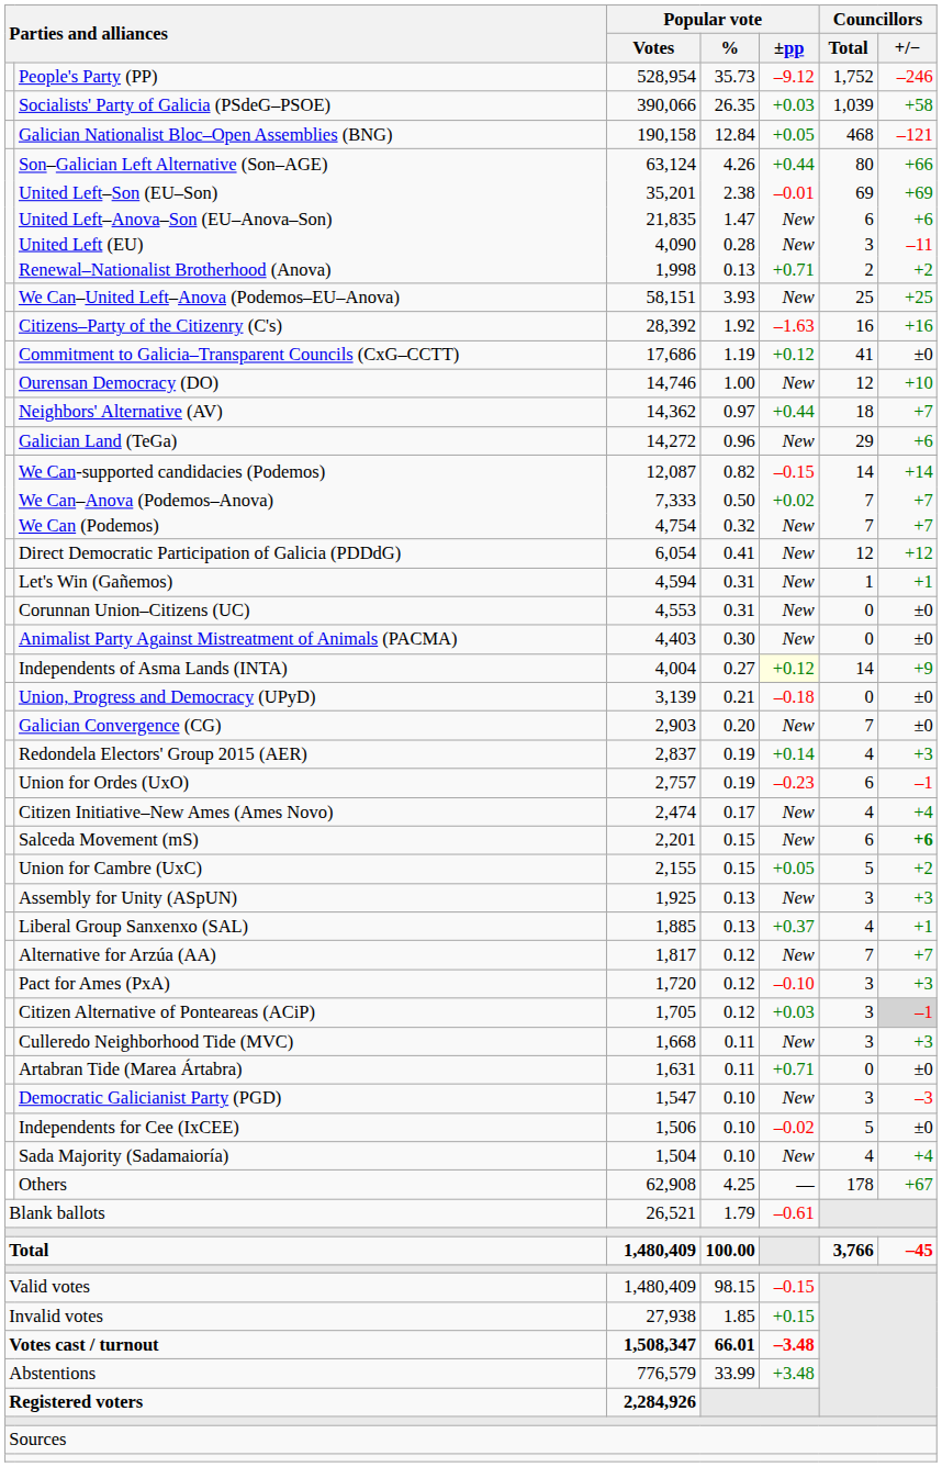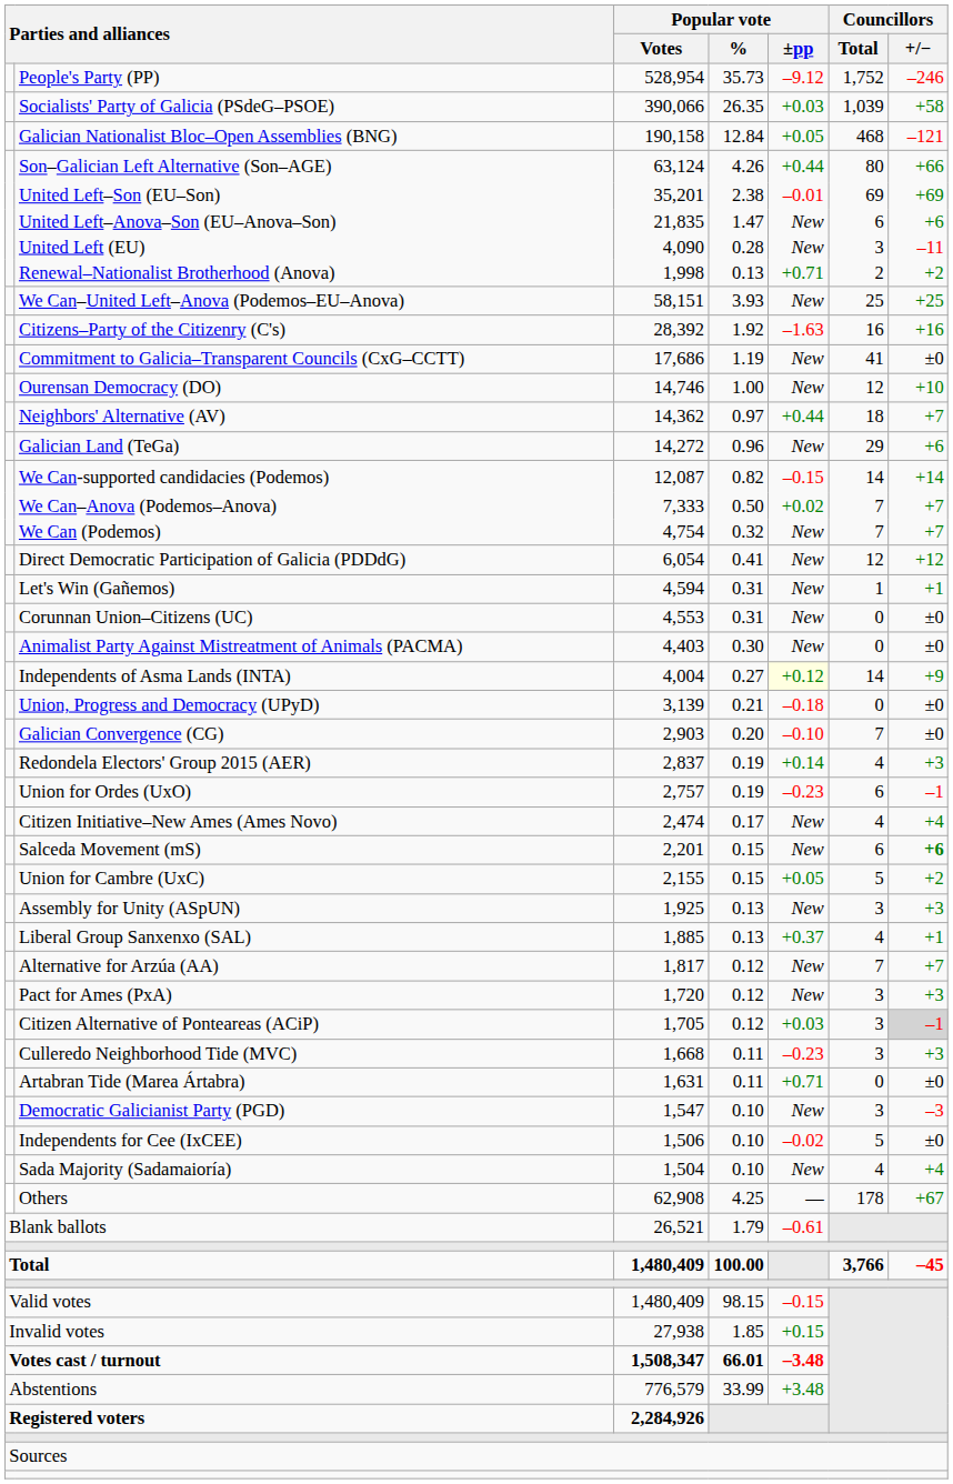 <table class="wikitable" style="text-align:right;">
 <tr>
 <th style="text-align:left;" rowspan="2" colspan="2" width="525">Parties and alliances</th>
 <th colspan="3">Popular vote</th>
 <th colspan="2">Councillors</th>
 </tr>
 <tr>
 <th width="75">Votes</th>
 <th width="45">%</th>
 <th width="45">±<a href='#'>pp</a></th>
 <th width="45">Total</th>
 <th width="45">+/−</th>
 </tr>
 <tr>
 <td width="1" style="color:inherit;background:"></td>
 <td align="left"><a href='#'>People's Party</a> (PP)</td>
 <td>528,954</td>
 <td>35.73</td>
 <td style="color:red;">–9.12</td>
 <td>1,752</td>
 <td style="color:red;">–246</td>
 </tr>
 <tr>
 <td style="color:inherit;background:"></td>
 <td align="left"><a href='#'>Socialists' Party of Galicia</a> (PSdeG–PSOE)</td>
 <td>390,066</td>
 <td>26.35</td>
 <td style="color:green;">+0.03</td>
 <td>1,039</td>
 <td style="color:green;">+58</td>
 </tr>
 <tr>
 <td style="color:inherit;background:"></td>
 <td align="left"><a href='#'>Galician Nationalist Bloc–Open Assemblies</a> (BNG)</td>
 <td>190,158</td>
 <td>12.84</td>
 <td style="color:green;">+0.05</td>
 <td>468</td>
 <td style="color:red;">–121</td>
 </tr>
 <tr style="line-height:22px;">
 <td rowspan="5" style="color:inherit;background:"></td>
 <td align="left"><a href='#'>Son</a>–<a href='#'>Galician Left Alternative</a> (Son–AGE)</td>
 <td>63,124</td>
 <td>4.26</td>
 <td style="color:green;">+0.44</td>
 <td>80</td>
 <td style="color:green;">+66</td>
 </tr>
 <tr style="border-bottom-style:hidden; border-top-style:hidden; line-height:16px;">
 <td align="left"><span><a href='#'>United Left</a>–<a href='#'>Son</a> (EU–Son)</span></td>
 <td>35,201</td>
 <td>2.38</td>
 <td style="color:red;">–0.01</td>
 <td>69</td>
 <td style="color:green;">+69</td>
 </tr>
 <tr style="border-bottom-style:hidden; line-height:16px;">
 <td align="left"><span><a href='#'>United Left</a>–<a href='#'>Anova</a>–<a href='#'>Son</a> (EU–Anova–Son)</span></td>
 <td>21,835</td>
 <td>1.47</td>
 <td><em>New</em></td>
 <td>6</td>
 <td style="color:green;">+6</td>
 </tr>
 <tr style="border-bottom-style:hidden; line-height:16px;">
 <td align="left"><span><a href='#'>United Left</a> (EU)</span></td>
 <td>4,090</td>
 <td>0.28</td>
 <td><em>New</em></td>
 <td>3</td>
 <td style="color:red;">–11</td>
 </tr>
 <tr style="line-height:16px;">
 <td align="left"><span><a href='#'>Renewal–Nationalist Brotherhood</a> (Anova)</span></td>
 <td>1,998</td>
 <td>0.13</td>
 <td style="color:green;">+0.71</td>
 <td>2</td>
 <td style="color:green;">+2</td>
 </tr>
 <tr>
 <td style="color:inherit;background:"></td>
 <td align="left"><a href='#'>We Can</a>–<a href='#'>United Left</a>–<a href='#'>Anova</a> (Podemos–EU–Anova)</td>
 <td>58,151</td>
 <td>3.93</td>
 <td><em>New</em></td>
 <td>25</td>
 <td style="color:green;">+25</td>
 </tr>
 <tr>
 <td style="color:inherit;background:"></td>
 <td align="left"><a href='#'>Citizens–Party of the Citizenry</a> (C's)</td>
 <td>28,392</td>
 <td>1.92</td>
 <td style="color:red;">–1.63</td>
 <td>16</td>
 <td style="color:green;">+16</td>
 </tr>
 <tr>
 <td style="color:inherit;background:"></td>
 <td align="left"><a href='#'>Commitment to Galicia–Transparent Councils</a> (CxG–CCTT)</td>
 <td>17,686</td>
 <td>1.19</td>
-<td style="color:green;">+0.12</td>
+<td><em>New</em></td>
 <td>41</td>
 <td>±0</td>
 </tr>
 <tr>
 <td style="color:inherit;background:"></td>
 <td align="left"><a href='#'>Ourensan Democracy</a> (DO)</td>
 <td>14,746</td>
 <td>1.00</td>
 <td><em>New</em></td>
 <td>12</td>
 <td style="color:green;">+10</td>
 </tr>
 <tr>
 <td style="color:inherit;background:"></td>
 <td align="left"><a href='#'>Neighbors' Alternative</a> (AV)</td>
 <td>14,362</td>
 <td>0.97</td>
 <td style="color:green;">+0.44</td>
 <td>18</td>
 <td style="color:green;">+7</td>
 </tr>
 <tr>
 <td style="color:inherit;background:"></td>
 <td align="left"><a href='#'>Galician Land</a> (TeGa)</td>
 <td>14,272</td>
 <td>0.96</td>
 <td><em>New</em></td>
 <td>29</td>
 <td style="color:green;">+6</td>
 </tr>
 <tr style="line-height:22px;">
 <td rowspan="3" style="color:inherit;background:"></td>
 <td align="left"><a href='#'>We Can</a>-supported candidacies (Podemos)</td>
 <td>12,087</td>
 <td>0.82</td>
 <td style="color:red;">–0.15</td>
 <td>14</td>
 <td style="color:green;">+14</td>
 </tr>
 <tr style="border-bottom-style:hidden; border-top-style:hidden; line-height:16px;">
 <td align="left"><span><a href='#'>We Can</a>–<a href='#'>Anova</a> (Podemos–Anova)</span></td>
 <td>7,333</td>
 <td>0.50</td>
 <td style="color:green;">+0.02</td>
 <td>7</td>
 <td style="color:green;">+7</td>
 </tr>
 <tr style="line-height:16px;">
 <td align="left"><span><a href='#'>We Can</a> (Podemos)</span></td>
 <td>4,754</td>
 <td>0.32</td>
 <td><em>New</em></td>
 <td>7</td>
 <td style="color:green;">+7</td>
 </tr>
 <tr>
 <td style="color:inherit;background:"></td>
 <td align="left">Direct Democratic Participation of Galicia (PDDdG)</td>
 <td>6,054</td>
 <td>0.41</td>
 <td><em>New</em></td>
 <td>12</td>
 <td style="color:green;">+12</td>
 </tr>
 <tr>
 <td style="color:inherit;background:"></td>
 <td align="left">Let's Win (Gañemos)</td>
 <td>4,594</td>
 <td>0.31</td>
 <td><em>New</em></td>
 <td>1</td>
 <td style="color:green;">+1</td>
 </tr>
 <tr>
 <td style="color:inherit;background:"></td>
 <td align="left">Corunnan Union–Citizens (UC)</td>
 <td>4,553</td>
 <td>0.31</td>
 <td><em>New</em></td>
 <td>0</td>
 <td>±0</td>
 </tr>
 <tr>
 <td style="color:inherit;background:"></td>
 <td align="left"><a href='#'>Animalist Party Against Mistreatment of Animals</a> (PACMA)</td>
 <td>4,403</td>
 <td>0.30</td>
 <td><em>New</em></td>
 <td>0</td>
 <td>±0</td>
 </tr>
 <tr>
 <td style="color:inherit;background:"></td>
 <td align="left">Independents of Asma Lands (INTA)</td>
 <td>4,004</td>
 <td>0.27</td>
 <td style="background: lightyellow; color:green;">+0.12</td>
 <td>14</td>
 <td style="color:green;">+9</td>
 </tr>
 <tr>
 <td style="color:inherit;background:"></td>
 <td align="left"><a href='#'>Union, Progress and Democracy</a> (UPyD)</td>
 <td>3,139</td>
 <td>0.21</td>
 <td style="color:red;">–0.18</td>
 <td>0</td>
 <td>±0</td>
 </tr>
 <tr>
 <td style="color:inherit;background:"></td>
 <td align="left"><a href='#'>Galician Convergence</a> (CG)</td>
 <td>2,903</td>
 <td>0.20</td>
-<td><em>New</em></td>
+<td style="color:red;">–0.10</td>
 <td>7</td>
 <td>±0</td>
 </tr>
 <tr>
 <td style="color:inherit;background:"></td>
 <td align="left">Redondela Electors' Group 2015 (AER)</td>
 <td>2,837</td>
 <td>0.19</td>
 <td style="color:green;">+0.14</td>
 <td>4</td>
 <td style="color:green;">+3</td>
 </tr>
 <tr>
 <td style="color:inherit;background:"></td>
 <td align="left">Union for Ordes (UxO)</td>
 <td>2,757</td>
 <td>0.19</td>
 <td style="color:red;">–0.23</td>
 <td>6</td>
 <td style="color:red;">–1</td>
 </tr>
 <tr>
 <td style="color:inherit;background:"></td>
 <td align="left">Citizen Initiative–New Ames (Ames Novo)</td>
 <td>2,474</td>
 <td>0.17</td>
 <td><em>New</em></td>
 <td>4</td>
 <td style="color:green;">+4</td>
 </tr>
 <tr>
 <td style="color:inherit;background:"></td>
 <td align="left">Salceda Movement (mS)</td>
 <td>2,201</td>
 <td>0.15</td>
 <td><em>New</em></td>
 <td>6</td>
 <td style="color:green;"><strong>+6</strong></td>
 </tr>
 <tr>
 <td style="color:inherit;background:"></td>
 <td align="left">Union for Cambre (UxC)</td>
 <td>2,155</td>
 <td>0.15</td>
 <td style="color:green;">+0.05</td>
 <td>5</td>
 <td style="color:green;">+2</td>
 </tr>
 <tr>
 <td style="color:inherit;background:"></td>
 <td align="left">Assembly for Unity (ASpUN)</td>
 <td>1,925</td>
 <td>0.13</td>
 <td><em>New</em></td>
 <td>3</td>
 <td style="color:green;">+3</td>
 </tr>
 <tr>
 <td style="color:inherit;background:"></td>
 <td align="left">Liberal Group Sanxenxo (SAL)</td>
 <td>1,885</td>
 <td>0.13</td>
 <td style="color:green;">+0.37</td>
 <td>4</td>
 <td style="color:green;">+1</td>
 </tr>
 <tr>
 <td style="color:inherit;background:"></td>
 <td align="left">Alternative for Arzúa (AA)</td>
 <td>1,817</td>
 <td>0.12</td>
 <td><em>New</em></td>
 <td>7</td>
 <td style="color:green;">+7</td>
 </tr>
 <tr>
 <td style="color:inherit;background:"></td>
 <td align="left">Pact for Ames (PxA)</td>
 <td>1,720</td>
 <td>0.12</td>
-<td style="color:red;">–0.10</td>
+<td><em>New</em></td>
 <td>3</td>
 <td style="color:green;">+3</td>
 </tr>
 <tr>
 <td style="color:inherit;background:"></td>
 <td align="left">Citizen Alternative of Ponteareas (ACiP)</td>
 <td>1,705</td>
 <td>0.12</td>
 <td style="color:green;">+0.03</td>
 <td>3</td>
 <td style="background: lightgrey; color:red;">–1</td>
 </tr>
 <tr>
 <td style="color:inherit;background:"></td>
 <td align="left">Culleredo Neighborhood Tide (MVC)</td>
 <td>1,668</td>
 <td>0.11</td>
-<td><em>New</em></td>
+<td style="color:red;">–0.23</td>
 <td>3</td>
 <td style="color:green;">+3</td>
 </tr>
 <tr>
 <td style="color:inherit;background:"></td>
 <td align="left">Artabran Tide (Marea Ártabra)</td>
 <td>1,631</td>
 <td>0.11</td>
 <td style="color:green;">+0.71</td>
 <td>0</td>
 <td>±0</td>
 </tr>
 <tr>
 <td style="color:inherit;background:"></td>
 <td align="left"><a href='#'>Democratic Galicianist Party</a> (PGD)</td>
 <td>1,547</td>
 <td>0.10</td>
 <td><em>New</em></td>
 <td>3</td>
 <td style="color:red;">–3</td>
 </tr>
 <tr>
 <td style="color:inherit;background:"></td>
 <td align="left">Independents for Cee (IxCEE)</td>
 <td>1,506</td>
 <td>0.10</td>
 <td style="color:red;">–0.02</td>
 <td>5</td>
 <td>±0</td>
 </tr>
 <tr>
 <td style="color:inherit;background:"></td>
 <td align="left">Sada Majority (Sadamaioría)</td>
 <td>1,504</td>
 <td>0.10</td>
 <td><em>New</em></td>
 <td>4</td>
 <td style="color:green;">+4</td>
 </tr>
 <tr>
 <td bgcolor="white"></td>
 <td align="left">Others</td>
 <td>62,908</td>
 <td>4.25</td>
 <td>—</td>
 <td>178</td>
 <td style="color:green;">+67</td>
 </tr>
 <tr>
 <td align="left" colspan="2">Blank ballots</td>
 <td>26,521</td>
 <td>1.79</td>
 <td style="color:red;">–0.61</td>
 <td bgcolor="#E9E9E9" colspan="2"></td>
 </tr>
 <tr>
 <td colspan="7" bgcolor="#E9E9E9"></td>
 </tr>
 <tr style="font-weight:bold;">
 <td align="left" colspan="2">Total</td>
 <td>1,480,409</td>
 <td>100.00</td>
 <td bgcolor="#E9E9E9"></td>
 <td>3,766</td>
 <td style="color:red;">–45</td>
 </tr>
 <tr>
 <td colspan="7" bgcolor="#E9E9E9"></td>
 </tr>
 <tr>
 <td align="left" colspan="2">Valid votes</td>
 <td>1,480,409</td>
 <td>98.15</td>
 <td style="color:red;">–0.15</td>
 <td bgcolor="#E9E9E9" colspan="2" rowspan="5"></td>
 </tr>
 <tr>
 <td align="left" colspan="2">Invalid votes</td>
 <td>27,938</td>
 <td>1.85</td>
 <td style="color:green;">+0.15</td>
 </tr>
 <tr style="font-weight:bold;">
 <td align="left" colspan="2">Votes cast / turnout</td>
 <td>1,508,347</td>
 <td>66.01</td>
 <td style="color:red;">–3.48</td>
 </tr>
 <tr>
 <td align="left" colspan="2">Abstentions</td>
 <td>776,579</td>
 <td>33.99</td>
 <td style="color:green;">+3.48</td>
 </tr>
 <tr style="font-weight:bold;">
 <td align="left" colspan="2">Registered voters</td>
 <td>2,284,926</td>
 <td bgcolor="#E9E9E9" colspan="2"></td>
 </tr>
 <tr>
 <td colspan="7" bgcolor="#E9E9E9"></td>
 </tr>
 <tr>
 <td align="left" colspan="7">Sources</td>
 </tr>
 <tr>
 <td colspan="7" style="text-align:left; max-width:790px;"></td>
 </tr>
 </table>
